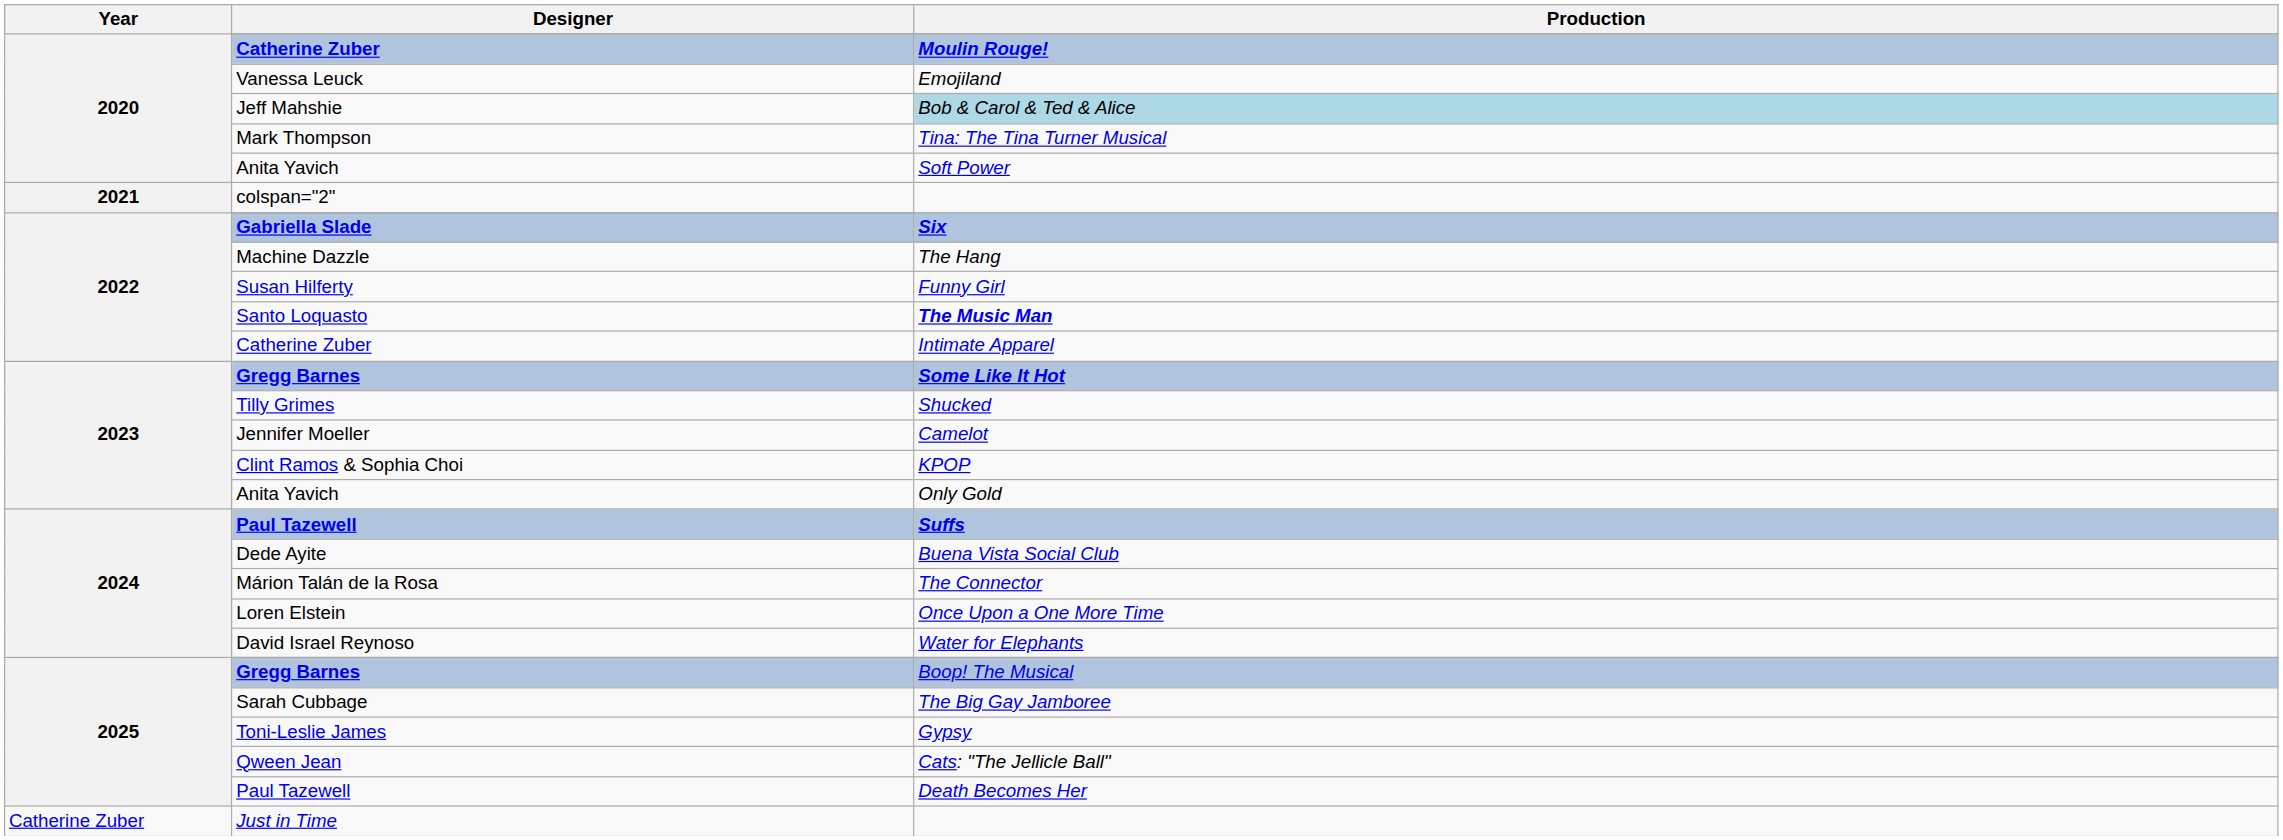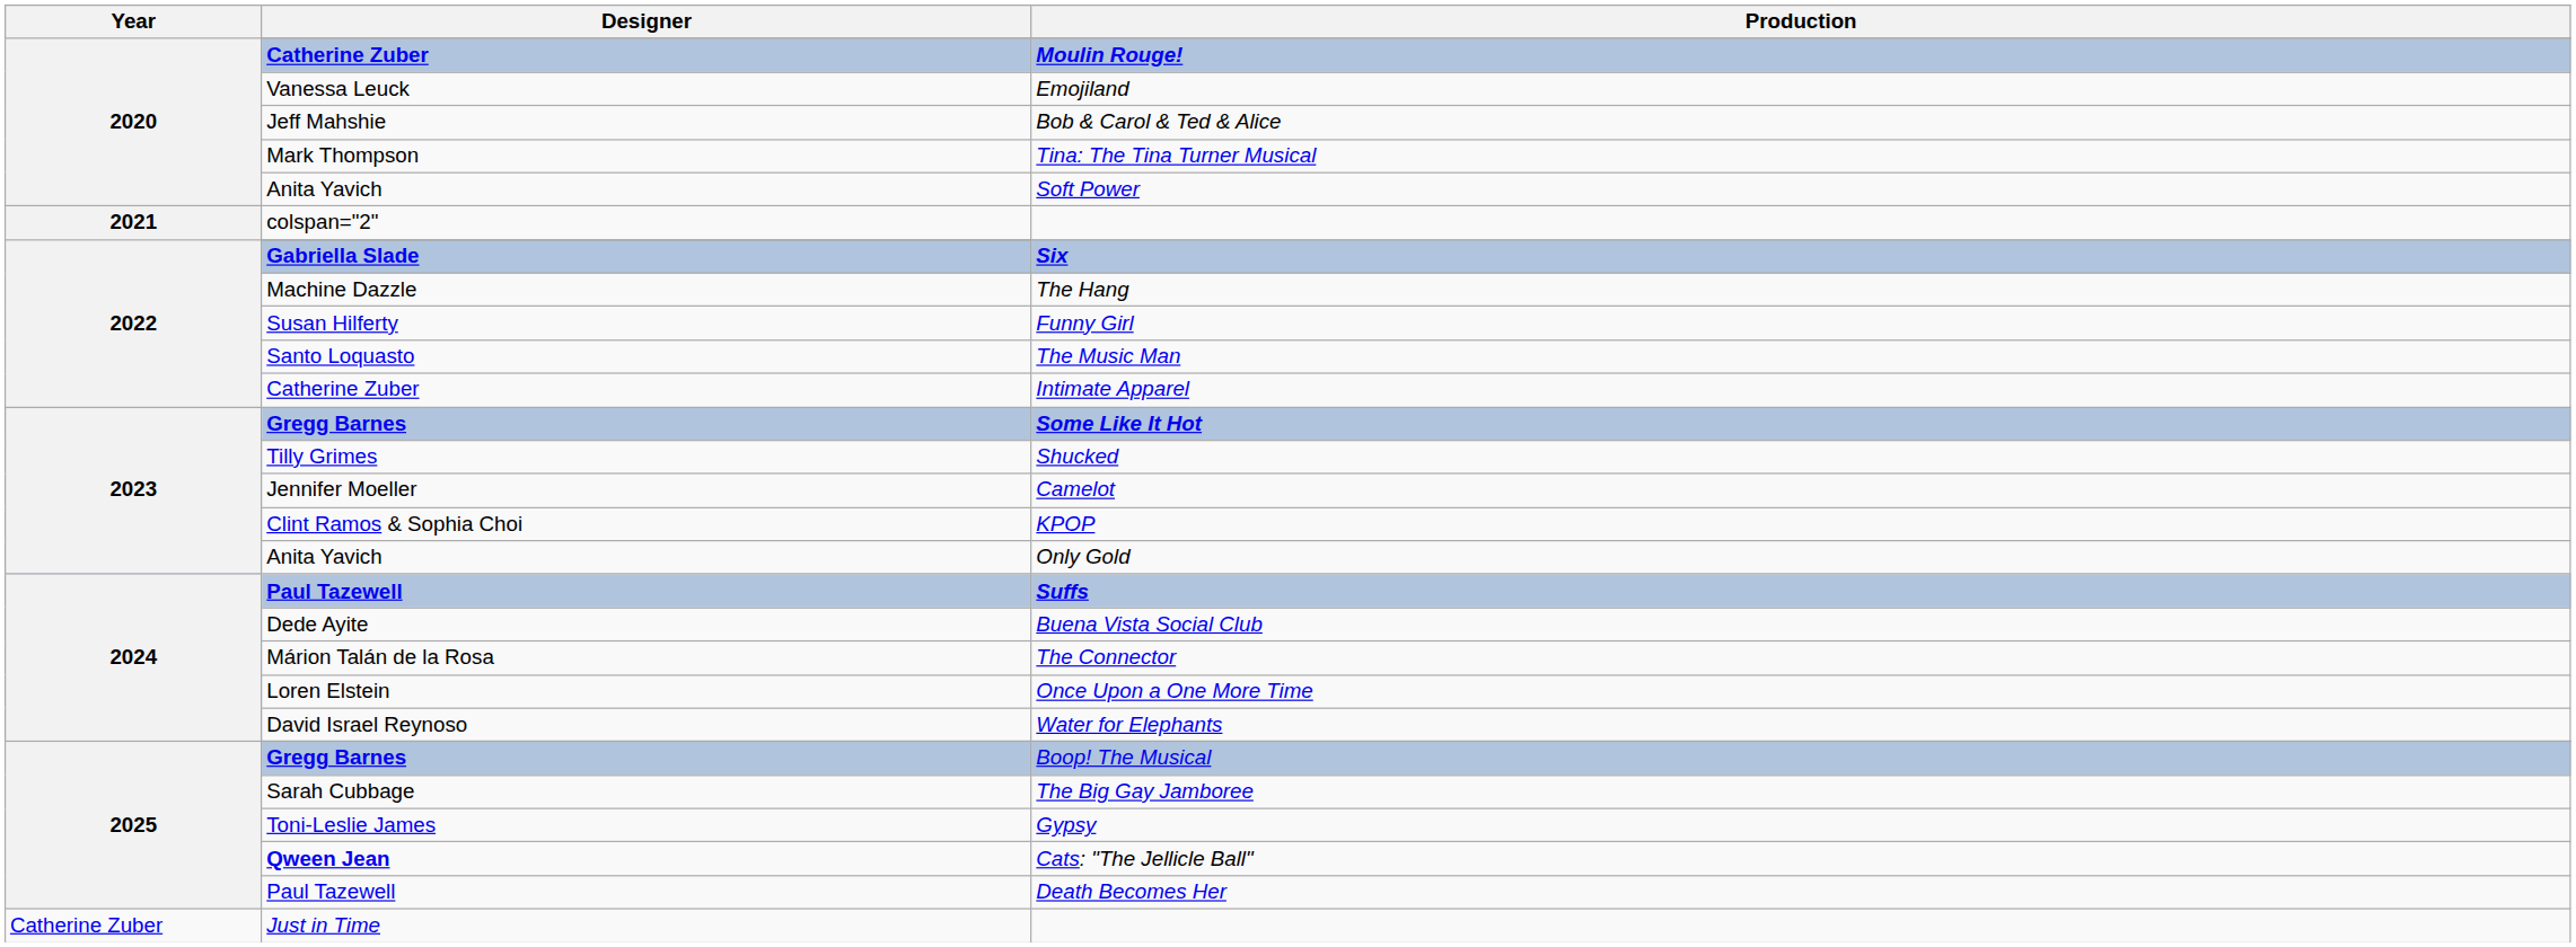 <table class="wikitable" style="width:98%;">
 <tr style="background:#bebebe;">
 <th style="width:10%;">Year</th>
 <th style="width:30%;">Designer</th>
 <th style="width:60%;">Production</th>
 </tr>
 <tr>
 <th rowspan="6">2020</th>
 </tr>
 <tr style="background:#B0C4DE">
 <td><strong><a href='#'>Catherine Zuber</a></strong></td>
 <td><strong><em><a href='#'>Moulin Rouge!</a></em></strong></td>
 </tr>
 <tr>
 <td>Vanessa Leuck</td>
 <td><em>Emojiland</em></td>
 </tr>
 <tr>
 <td>Jeff Mahshie</td>
-<td style="background: lightblue;"><em>Bob & Carol & Ted & Alice</em></td>
+<td><em>Bob & Carol & Ted & Alice</em></td>
 </tr>
 <tr>
 <td>Mark Thompson</td>
 <td><em><a href='#'>Tina: The Tina Turner Musical</a></em></td>
 </tr>
 <tr>
 <td>Anita Yavich</td>
 <td><em><a href='#'>Soft Power</a></em></td>
 </tr>
 <tr>
 <th>2021</th>
 <td>colspan="2" </td>
 </tr>
 <tr>
 <th rowspan="6">2022</th>
 </tr>
 <tr style="background:#B0C4DE">
 <td><strong><a href='#'>Gabriella Slade</a></strong></td>
 <td><strong><em><a href='#'>Six</a></em></strong></td>
 </tr>
 <tr>
 <td>Machine Dazzle</td>
 <td><em>The Hang</em></td>
 </tr>
 <tr>
 <td><a href='#'>Susan Hilferty</a></td>
 <td><em><a href='#'>Funny Girl</a></em></td>
 </tr>
 <tr>
 <td><a href='#'>Santo Loquasto</a></td>
-<td><strong><em><a href='#'>The Music Man</a></em></strong></td>
+<td><em><a href='#'>The Music Man</a></em></td>
 </tr>
 <tr>
 <td><a href='#'>Catherine Zuber</a></td>
 <td><em><a href='#'>Intimate Apparel</a></em></td>
 </tr>
 <tr style="background:#B0C4DE">
 <th rowspan="5">2023</th>
 <td><strong><a href='#'>Gregg Barnes</a></strong></td>
 <td><strong><em><a href='#'>Some Like It Hot</a></em></strong></td>
 </tr>
 <tr>
 <td><a href='#'>Tilly Grimes</a></td>
 <td><em><a href='#'>Shucked</a></em></td>
 </tr>
 <tr>
 <td>Jennifer Moeller</td>
 <td><em><a href='#'>Camelot</a></em></td>
 </tr>
 <tr>
 <td><a href='#'>Clint Ramos</a> & Sophia Choi</td>
 <td><em><a href='#'>KPOP</a></em></td>
 </tr>
 <tr>
 <td>Anita Yavich</td>
 <td><em>Only Gold</em></td>
 </tr>
 <tr style="background:#B0C4DE">
 <th rowspan="5">2024</th>
 <td><strong><a href='#'>Paul Tazewell</a></strong></td>
 <td><strong><em><a href='#'>Suffs</a></em></strong></td>
 </tr>
 <tr>
 <td>Dede Ayite</td>
 <td><em><a href='#'>Buena Vista Social Club</a></em></td>
 </tr>
 <tr>
 <td>Márion Talán de la Rosa</td>
 <td><em><a href='#'>The Connector</a></em></td>
 </tr>
 <tr>
 <td>Loren Elstein</td>
 <td><em><a href='#'>Once Upon a One More Time</a></em></td>
 </tr>
 <tr>
 <td>David Israel Reynoso</td>
 <td><em><a href='#'>Water for Elephants</a></em></td>
 </tr>
 <tr>
 <th rowspan=6>2025</th>
 </tr>
 <tr style="background:#B0C4DE">
 <td><strong><a href='#'>Gregg Barnes</a></strong></td>
 <td><em><a href='#'>Boop! The Musical</a></em></td>
 </tr>
 <tr>
 <td>Sarah Cubbage</td>
 <td><em><a href='#'>The Big Gay Jamboree</a></em></td>
 </tr>
 <tr>
 <td><a href='#'>Toni-Leslie James</a></td>
 <td><em><a href='#'>Gypsy</a></em></td>
 </tr>
 <tr>
-<td><a href='#'>Qween Jean</a></td>
+<td><strong><a href='#'>Qween Jean</a></strong></td>
 <td><em><a href='#'>Cats</a>: "The Jellicle Ball"</em></td>
 </tr>
 <tr>
 <td><a href='#'>Paul Tazewell</a></td>
 <td><em><a href='#'>Death Becomes Her</a></em></td>
 </tr>
 <tr>
 <td><a href='#'>Catherine Zuber</a></td>
 <td><em><a href='#'>Just in Time</a></em></td>
 </tr>
 </table>
